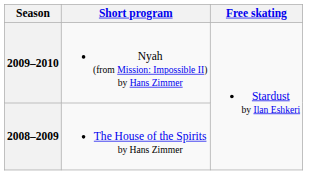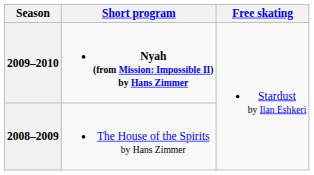 <table class=wikitable style=text-align:center>
 <tr>
 <th>Season</th>
 <th><a href='#'>Short program</a></th>
 <th><a href='#'>Free skating</a></th>
 </tr>
 <tr>
 <th>2009–2010 <br> </th>
-<td><br><ul><li>Nyah <br><small> (from <a href='#'>Mission: Impossible II</a>) <br> by <a href='#'>Hans Zimmer</a> </small></li></ul></td>
+<td><strong><br><ul><li>Nyah <br><small> (from <a href='#'>Mission: Impossible II</a>) <br> by <a href='#'>Hans Zimmer</a> </small></li></ul></strong></td>
 <td rowspan=2><br><ul><li><a href='#'>Stardust</a> <br><small> by <a href='#'>Ilan Eshkeri</a> </small></li></ul></td>
 </tr>
 <tr>
 <th>2008–2009 <br> </th>
 <td><br><ul><li><a href='#'>The House of the Spirits</a> <br><small> by Hans Zimmer </small></li></ul></td>
 </tr>
 </table>
